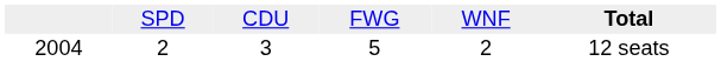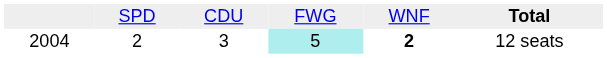 <table border="0" cellpadding="2" cellspacing="0" width="60%">
 <tr bgcolor="#eeeeee" align="center">
 <td></td>
 <td><a href='#'>SPD</a></td>
 <td><a href='#'>CDU</a></td>
 <td><a href='#'>FWG</a></td>
 <td><a href='#'>WNF</a></td>
 <td><strong>Total</strong></td>
 </tr>
 <tr align="center">
 <td>2004</td>
 <td>2</td>
 <td>3</td>
-<td>5</td>
-<td>2</td>
+<td style="background: paleturquoise;">5</td>
+<td><strong>2</strong></td>
 <td>12 seats</td>
 </tr>
 </table>
